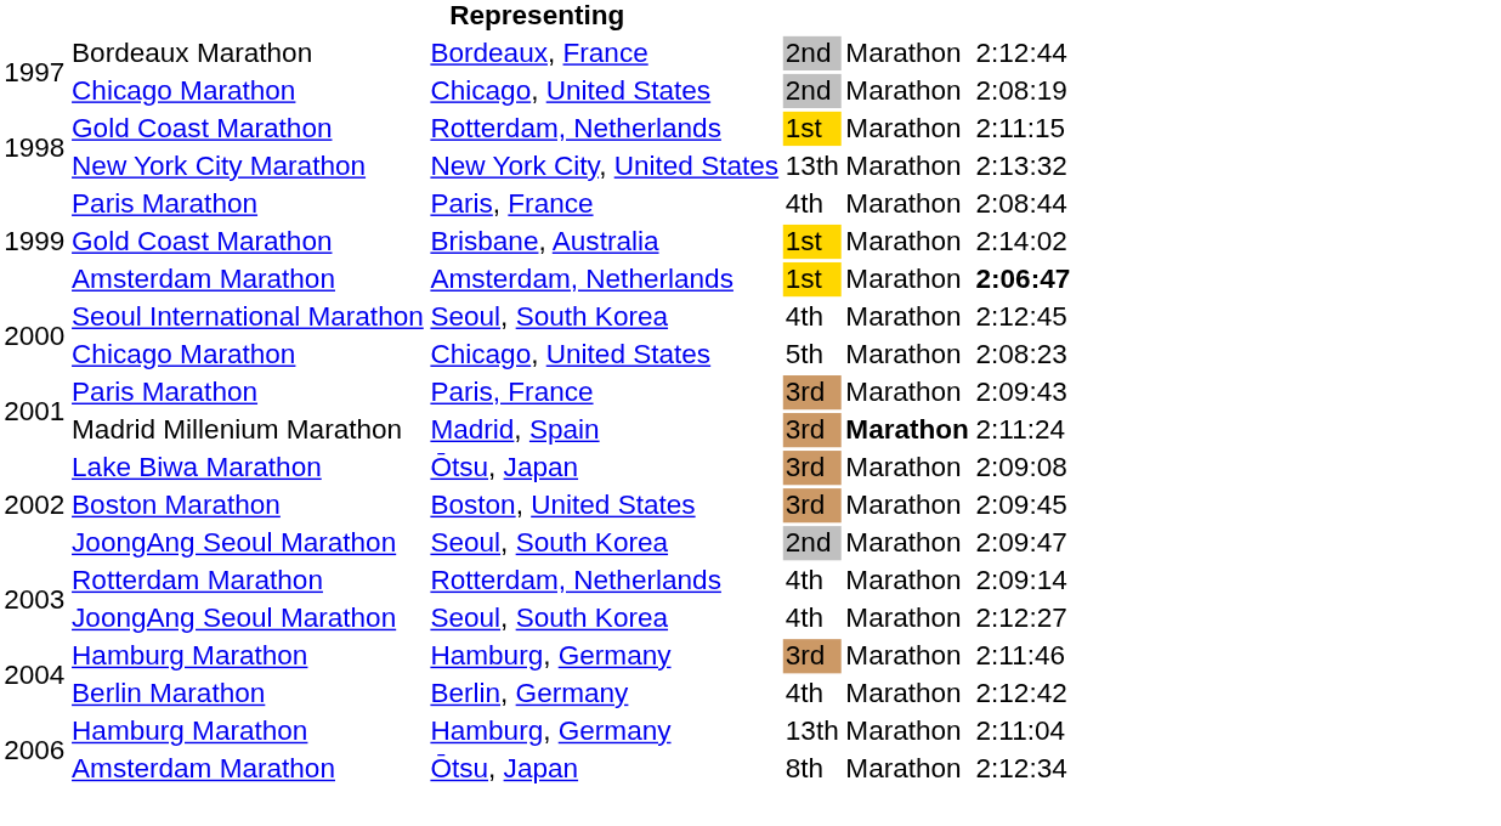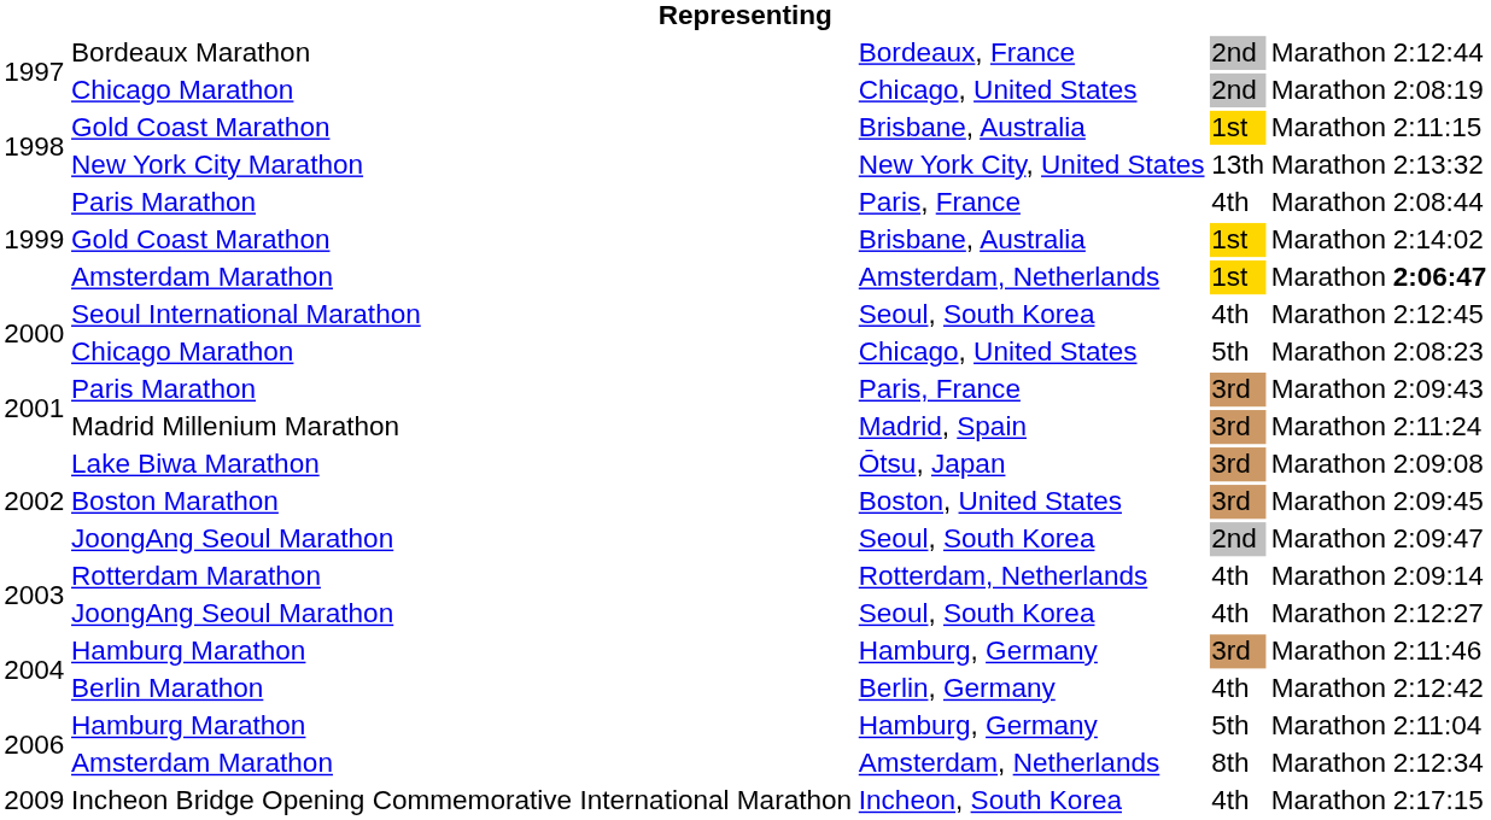 <table>
 <tr>
 <th colspan="6">Representing </th>
 </tr>
 <tr>
 <td rowspan=2>1997</td>
 <td>Bordeaux Marathon</td>
 <td><a href='#'>Bordeaux</a>, <a href='#'>France</a></td>
 <td bgcolor="silver">2nd</td>
 <td>Marathon</td>
 <td>2:12:44</td>
 </tr>
 <tr>
 <td><a href='#'>Chicago Marathon</a></td>
 <td><a href='#'>Chicago</a>, <a href='#'>United States</a></td>
 <td bgcolor="silver">2nd</td>
 <td>Marathon</td>
 <td>2:08:19</td>
 </tr>
 <tr>
 <td rowspan=2>1998</td>
 <td><a href='#'>Gold Coast Marathon</a></td>
-<td><a href='#'>Rotterdam, Netherlands</a></td>
+<td><a href='#'>Brisbane</a>, <a href='#'>Australia</a></td>
 <td bgcolor="gold">1st</td>
 <td>Marathon</td>
 <td>2:11:15</td>
 </tr>
 <tr>
 <td><a href='#'>New York City Marathon</a></td>
 <td><a href='#'>New York City</a>, <a href='#'>United States</a></td>
 <td>13th</td>
 <td>Marathon</td>
 <td>2:13:32</td>
 </tr>
 <tr>
 <td rowspan=3>1999</td>
 <td><a href='#'>Paris Marathon</a></td>
 <td><a href='#'>Paris</a>, <a href='#'>France</a></td>
 <td>4th</td>
 <td>Marathon</td>
 <td>2:08:44</td>
 </tr>
 <tr>
 <td><a href='#'>Gold Coast Marathon</a></td>
 <td><a href='#'>Brisbane</a>, <a href='#'>Australia</a></td>
 <td bgcolor="gold">1st</td>
 <td>Marathon</td>
 <td>2:14:02</td>
 </tr>
 <tr>
 <td><a href='#'>Amsterdam Marathon</a></td>
 <td><a href='#'>Amsterdam, Netherlands</a></td>
 <td bgcolor="gold">1st</td>
 <td>Marathon</td>
 <td><strong>2:06:47</strong></td>
 </tr>
 <tr>
 <td rowspan=2>2000</td>
 <td><a href='#'>Seoul International Marathon</a></td>
 <td><a href='#'>Seoul</a>, <a href='#'>South Korea</a></td>
 <td>4th</td>
 <td>Marathon</td>
 <td>2:12:45</td>
 </tr>
 <tr>
 <td><a href='#'>Chicago Marathon</a></td>
 <td><a href='#'>Chicago</a>, <a href='#'>United States</a></td>
 <td>5th</td>
 <td>Marathon</td>
 <td>2:08:23</td>
 </tr>
 <tr>
 <td rowspan=2>2001</td>
 <td><a href='#'>Paris Marathon</a></td>
 <td><a href='#'>Paris, France</a></td>
 <td bgcolor="cc9966">3rd</td>
 <td>Marathon</td>
 <td>2:09:43</td>
 </tr>
 <tr>
 <td>Madrid Millenium Marathon</td>
 <td><a href='#'>Madrid</a>, <a href='#'>Spain</a></td>
 <td bgcolor=cc9966>3rd</td>
-<td><strong>Marathon</strong></td>
+<td>Marathon</td>
 <td>2:11:24</td>
 </tr>
 <tr>
 <td rowspan=3>2002</td>
 <td><a href='#'>Lake Biwa Marathon</a></td>
 <td><a href='#'>Ōtsu</a>, <a href='#'>Japan</a></td>
 <td bgcolor="cc9966">3rd</td>
 <td>Marathon</td>
 <td>2:09:08</td>
 </tr>
 <tr>
 <td><a href='#'>Boston Marathon</a></td>
 <td><a href='#'>Boston</a>, <a href='#'>United States</a></td>
 <td bgcolor="cc9966">3rd</td>
 <td>Marathon</td>
 <td>2:09:45</td>
 </tr>
 <tr>
 <td><a href='#'>JoongAng Seoul Marathon</a></td>
 <td><a href='#'>Seoul</a>, <a href='#'>South Korea</a></td>
 <td bgcolor="silver">2nd</td>
 <td>Marathon</td>
 <td>2:09:47</td>
 </tr>
 <tr>
 <td rowspan=2>2003</td>
 <td><a href='#'>Rotterdam Marathon</a></td>
 <td><a href='#'>Rotterdam, Netherlands</a></td>
 <td>4th</td>
 <td>Marathon</td>
 <td>2:09:14</td>
 </tr>
 <tr>
 <td><a href='#'>JoongAng Seoul Marathon</a></td>
 <td><a href='#'>Seoul</a>, <a href='#'>South Korea</a></td>
 <td>4th</td>
 <td>Marathon</td>
 <td>2:12:27</td>
 </tr>
 <tr>
 <td rowspan=2>2004</td>
 <td><a href='#'>Hamburg Marathon</a></td>
 <td><a href='#'>Hamburg</a>, <a href='#'>Germany</a></td>
 <td bgcolor="cc9966">3rd</td>
 <td>Marathon</td>
 <td>2:11:46</td>
 </tr>
 <tr>
 <td><a href='#'>Berlin Marathon</a></td>
 <td><a href='#'>Berlin</a>, <a href='#'>Germany</a></td>
 <td>4th</td>
 <td>Marathon</td>
 <td>2:12:42</td>
 </tr>
 <tr>
 <td rowspan=2>2006</td>
 <td><a href='#'>Hamburg Marathon</a></td>
 <td><a href='#'>Hamburg</a>, <a href='#'>Germany</a></td>
-<td>13th</td>
+<td>5th</td>
 <td>Marathon</td>
 <td>2:11:04</td>
 </tr>
 <tr>
 <td><a href='#'>Amsterdam Marathon</a></td>
-<td><a href='#'>Ōtsu</a>, <a href='#'>Japan</a></td>
+<td><a href='#'>Amsterdam</a>, <a href='#'>Netherlands</a></td>
 <td>8th</td>
 <td>Marathon</td>
 <td>2:12:34</td>
 </tr>
+<tr>
+<td>2009</td>
+<td>Incheon Bridge Opening Commemorative International Marathon</td>
+<td><a href='#'>Incheon</a>, <a href='#'>South Korea</a></td>
+<td>4th</td>
+<td>Marathon</td>
+<td>2:17:15</td>
+</tr>
 </table>
